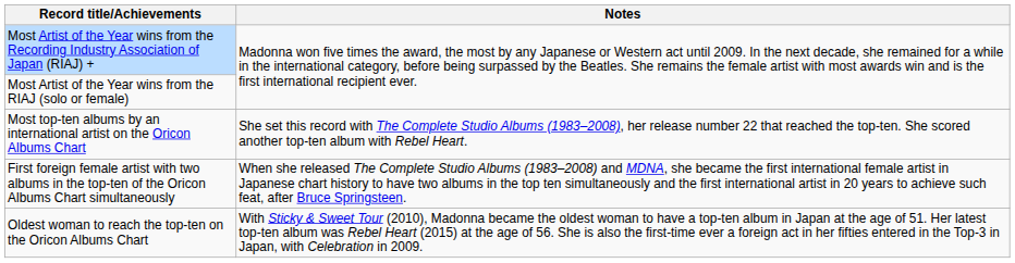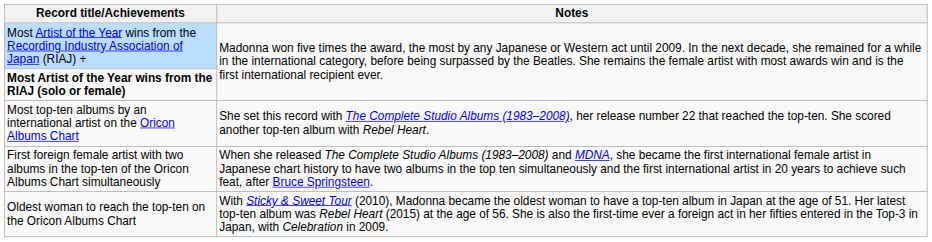 <table class="wikitable sortable plainrowheaders">
 <tr>
 <th scope="col" width=20%>Record title/Achievements</th>
 <th scope="col" width=67%>Notes</th>
 </tr>
 <tr>
 <td style="background-color: #bdf;">Most <a href='#'>Artist of the Year</a> wins from the <a href='#'>Recording Industry Association of Japan</a> (RIAJ) +</td>
 <td rowspan="2">Madonna won five times the award, the most by any Japanese or Western act until 2009. In the next decade, she remained for a while in the international category, before being surpassed by the Beatles. She remains the female artist with most awards win and is the first international recipient ever.</td>
 </tr>
 <tr>
-<td>Most Artist of the Year wins from the RIAJ (solo or female)</td>
+<td><strong>Most Artist of the Year wins from the RIAJ (solo or female)</strong></td>
 </tr>
 <tr>
 <td>Most top-ten albums by an international artist on the <a href='#'>Oricon Albums Chart</a></td>
 <td>She set this record with <em><a href='#'>The Complete Studio Albums (1983–2008)</a></em>, her release number 22 that reached the top-ten. She scored another top-ten album with <em>Rebel Heart</em>.</td>
 </tr>
 <tr>
 <td>First foreign female artist with two albums in the top-ten of the Oricon Albums Chart simultaneously</td>
 <td>When she released <em>The Complete Studio Albums (1983–2008)</em> and <em><a href='#'>MDNA</a></em>, she became the first international female artist in Japanese chart history to have two albums in the top ten simultaneously and the first international artist in 20 years to achieve such feat, after <a href='#'>Bruce Springsteen</a>.</td>
 </tr>
 <tr>
 <td>Oldest woman to reach the top-ten on the Oricon Albums Chart</td>
 <td>With <em><a href='#'>Sticky & Sweet Tour</a></em> (2010), Madonna became the oldest woman to have a top-ten album in Japan at the age of 51. Her latest top-ten album was <em>Rebel Heart</em> (2015) at the age of 56. She is also the first-time ever a foreign act in her fifties entered in the Top-3 in Japan, with <em>Celebration</em> in 2009.</td>
 </tr>
 </table>
